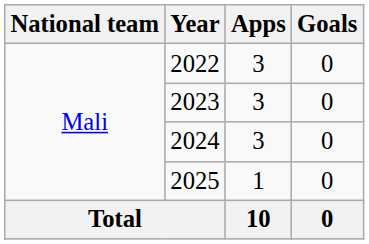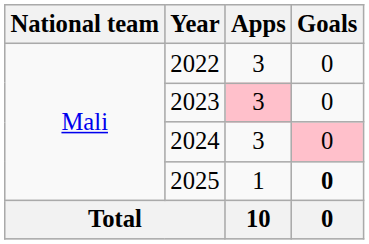 <table class="wikitable" style="text-align:center">
 <tr>
 <th>National team</th>
 <th>Year</th>
 <th>Apps</th>
 <th>Goals</th>
 </tr>
 <tr>
 <td rowspan="4"><a href='#'>Mali</a></td>
 <td>2022</td>
 <td>3</td>
 <td>0</td>
 </tr>
 <tr>
 <td>2023</td>
-<td>3</td>
+<td style="background: pink;">3</td>
 <td>0</td>
 </tr>
 <tr>
 <td>2024</td>
 <td>3</td>
-<td>0</td>
+<td style="background: pink;">0</td>
 </tr>
 <tr>
 <td>2025</td>
 <td>1</td>
-<td>0</td>
+<td><strong>0</strong></td>
 </tr>
 <tr>
 <th colspan="2">Total</th>
 <th>10</th>
 <th>0</th>
 </tr>
 </table>
